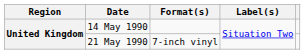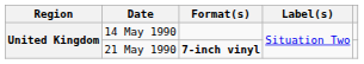 <table class="wikitable plainrowheaders">
 <tr>
 <th>Region</th>
 <th>Date</th>
 <th>Format(s)</th>
 <th>Label(s)</th>
 <th></th>
 </tr>
 <tr>
 <th scope="row" rowspan="2">United Kingdom</th>
 <td>14 May 1990</td>
 <td></td>
 <td rowspan="2"><a href='#'>Situation Two</a></td>
 <td align="center"></td>
 </tr>
 <tr>
 <td>21 May 1990</td>
-<td>7-inch vinyl</td>
+<td><strong>7-inch vinyl</strong></td>
 <td align="center"></td>
 </tr>
 </table>
